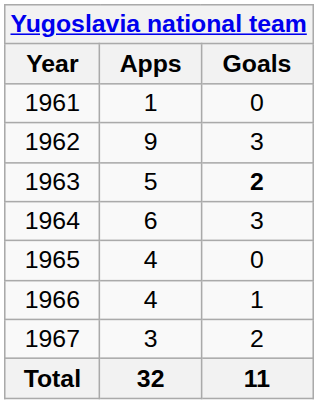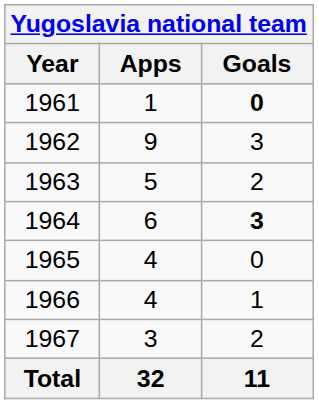 <table class="wikitable" style="text-align:center">
 <tr>
 <th colspan=3><a href='#'>Yugoslavia national team</a></th>
 </tr>
 <tr>
 <th>Year</th>
 <th>Apps</th>
 <th>Goals</th>
 </tr>
 <tr>
 <td>1961</td>
 <td>1</td>
-<td>0</td>
+<td><strong>0</strong></td>
 </tr>
 <tr>
 <td>1962</td>
 <td>9</td>
 <td>3</td>
 </tr>
 <tr>
 <td>1963</td>
 <td>5</td>
-<td><strong>2</strong></td>
+<td>2</td>
 </tr>
 <tr>
 <td>1964</td>
 <td>6</td>
-<td>3</td>
+<td><strong>3</strong></td>
 </tr>
 <tr>
 <td>1965</td>
 <td>4</td>
 <td>0</td>
 </tr>
 <tr>
 <td>1966</td>
 <td>4</td>
 <td>1</td>
 </tr>
 <tr>
 <td>1967</td>
 <td>3</td>
 <td>2</td>
 </tr>
 <tr>
 <th>Total</th>
 <th>32</th>
 <th>11</th>
 </tr>
 </table>
